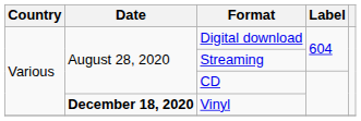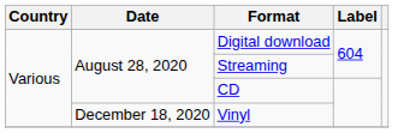 <table class="wikitable">
 <tr>
 <th>Country</th>
 <th>Date</th>
 <th>Format</th>
 <th>Label</th>
 <th></th>
 </tr>
 <tr>
 <td rowspan="4">Various</td>
 <td rowspan="3">August 28, 2020</td>
 <td><a href='#'>Digital download</a></td>
 <td rowspan="2"><a href='#'>604</a></td>
 <td rowspan="4"></td>
 </tr>
 <tr>
 <td><a href='#'>Streaming</a></td>
 </tr>
 <tr>
 <td><a href='#'>CD</a></td>
 <td rowspan="2"></td>
 </tr>
 <tr>
-<td><strong>December 18, 2020</strong></td>
+<td>December 18, 2020</td>
 <td><a href='#'>Vinyl</a></td>
 </tr>
 <tr>
 </tr>
 </table>
